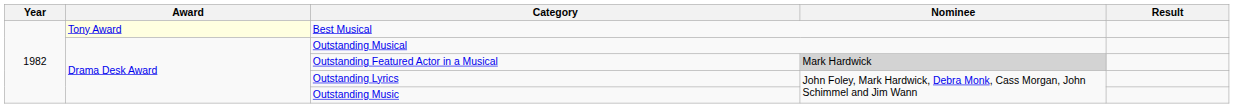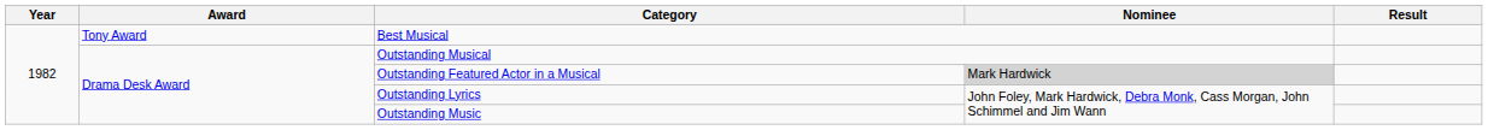 <table class="wikitable" width="95%">
 <tr>
 <th width="5%">Year</th>
 <th width="20%">Award</th>
 <th width="40%">Category</th>
 <th width="25%">Nominee</th>
 <th width="10%">Result</th>
 </tr>
 <tr>
 <td rowspan="5" align="center">1982</td>
-<td style="background: lightyellow;"><a href='#'>Tony Award</a></td>
+<td><a href='#'>Tony Award</a></td>
 <td colspan="2"><a href='#'>Best Musical</a></td>
 <td></td>
 </tr>
 <tr>
 <td rowspan="4"><a href='#'>Drama Desk Award</a></td>
 <td colspan="2"><a href='#'>Outstanding Musical</a></td>
 <td></td>
 </tr>
 <tr>
 <td><a href='#'>Outstanding Featured Actor in a Musical</a></td>
 <td style="background: lightgrey;">Mark Hardwick</td>
 <td></td>
 </tr>
 <tr>
 <td><a href='#'>Outstanding Lyrics</a></td>
 <td rowspan="2">John Foley, Mark Hardwick, <a href='#'>Debra Monk</a>, Cass Morgan, John Schimmel and Jim Wann</td>
 <td></td>
 </tr>
 <tr>
 <td><a href='#'>Outstanding Music</a></td>
 <td></td>
 </tr>
 </table>
